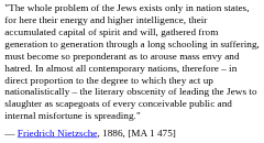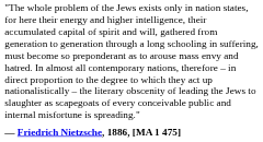 <table class="toccolours" style="float: right; margin-left: 1em; margin-right: 2em; font-size: 85%; background:#white; color:black; width:30em; max-width: 40%;" cellspacing="5">
 <tr>
 <td style="text-align: left;">"The whole problem of the Jews exists only in nation states, for here their energy and higher intelligence, their accumulated capital of spirit and will, gathered from generation to generation through a long schooling in suffering, must become so preponderant as to arouse mass envy and hatred. In almost all contemporary nations, therefore – in direct proportion to the degree to which they act up nationalistically – the literary obscenity of leading the Jews to slaughter as scapegoats of every conceivable public and internal misfortune is spreading."</td>
 </tr>
 <tr>
-<td style="text-align: left;">— <a href='#'>Friedrich Nietzsche</a>, 1886, [MA 1 475]</td>
+<td style="text-align: left;"><strong>— <a href='#'>Friedrich Nietzsche</a>, 1886, [MA 1 475]</strong></td>
 </tr>
 </table>
